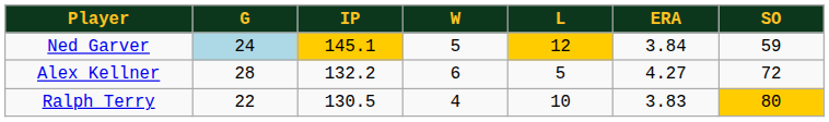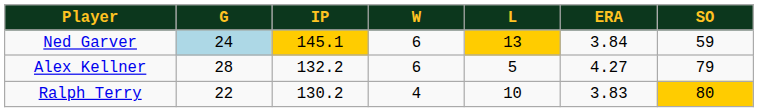 <table class="wikitable sortable">
 <tr>
 <th style="background:#0C371D;color:#ffc322;" width="16%">Player</th>
 <th style="background:#0C371D;color:#ffc322;" width="9%">G</th>
 <th style="background:#0C371D;color:#ffc322;" width="9%">IP</th>
 <th style="background:#0C371D;color:#ffc322;" width="9%">W</th>
 <th style="background:#0C371D;color:#ffc322;" width="9%">L</th>
 <th style="background:#0C371D;color:#ffc322;" width="9%">ERA</th>
 <th style="background:#0C371D;color:#ffc322;" width="9%">SO</th>
 </tr>
 <tr align="center">
 <td><a href='#'>Ned Garver</a></td>
 <td style="background: lightblue;">24</td>
 <td bgcolor="#FFCC00">145.1</td>
-<td>5</td>
-<td bgcolor="#FFCC00">12</td>
+<td>6</td>
+<td bgcolor="#FFCC00">13</td>
 <td>3.84</td>
 <td>59</td>
 </tr>
 <tr align="center">
 <td><a href='#'>Alex Kellner</a></td>
 <td>28</td>
 <td>132.2</td>
 <td>6</td>
 <td>5</td>
 <td>4.27</td>
-<td>72</td>
+<td>79</td>
 </tr>
 <tr align="center">
 <td><a href='#'>Ralph Terry</a></td>
 <td>22</td>
-<td>130.5</td>
+<td>130.2</td>
 <td>4</td>
 <td>10</td>
 <td>3.83</td>
 <td bgcolor="#FFCC00">80</td>
 </tr>
 </table>
